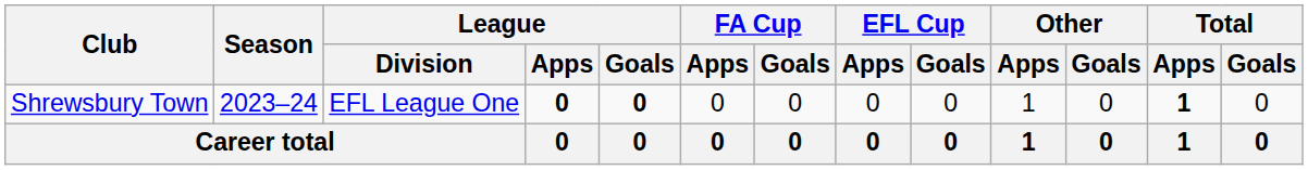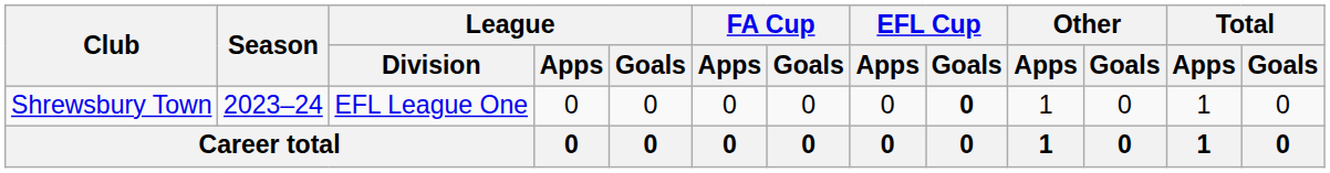 <table class="wikitable" style="text-align:center;">
 <tr>
 <th rowspan="2">Club</th>
 <th rowspan="2">Season</th>
 <th colspan="3">League</th>
 <th colspan="2"><a href='#'>FA Cup</a></th>
 <th colspan="2"><a href='#'>EFL Cup</a></th>
 <th colspan="2">Other</th>
 <th colspan="2">Total</th>
 </tr>
 <tr>
 <th>Division</th>
 <th>Apps</th>
 <th>Goals</th>
 <th>Apps</th>
 <th>Goals</th>
 <th>Apps</th>
 <th>Goals</th>
 <th>Apps</th>
 <th>Goals</th>
 <th>Apps</th>
 <th>Goals</th>
 </tr>
 <tr>
 <td><a href='#'>Shrewsbury Town</a></td>
 <td><a href='#'>2023–24</a></td>
 <td><a href='#'>EFL League One</a></td>
-<td><strong>0</strong></td>
-<td><strong>0</strong></td>
 <td>0</td>
 <td>0</td>
 <td>0</td>
 <td>0</td>
+<td>0</td>
+<td><strong>0</strong></td>
 <td>1</td>
 <td>0</td>
-<td><strong>1</strong></td>
+<td>1</td>
 <td>0</td>
 </tr>
 <tr>
 <th colspan="3">Career total</th>
 <th>0</th>
 <th>0</th>
 <th>0</th>
 <th>0</th>
 <th>0</th>
 <th>0</th>
 <th>1</th>
 <th>0</th>
 <th>1</th>
 <th>0</th>
 </tr>
 </table>
